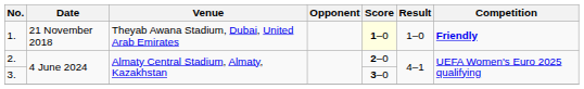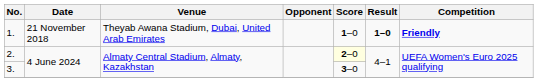 <table class="wikitable">
 <tr>
 <th>No.</th>
 <th>Date</th>
 <th>Venue</th>
 <th>Opponent</th>
 <th>Score</th>
 <th>Result</th>
 <th>Competition</th>
 </tr>
 <tr>
 <td>1.</td>
 <td>21 November 2018</td>
 <td>Theyab Awana Stadium, <a href='#'>Dubai</a>, <a href='#'>United Arab Emirates</a></td>
 <td></td>
-<td align=center style="background: lightyellow;"><strong>1</strong>–0</td>
-<td align=center>1–0</td>
+<td align=center><strong>1</strong>–0</td>
+<td align=center><strong>1–0</strong></td>
 <td><strong><a href='#'>Friendly</a></strong></td>
 </tr>
 <tr>
 <td>2.</td>
 <td rowspan=2>4 June 2024</td>
 <td rowspan=2><a href='#'>Almaty Central Stadium</a>, <a href='#'>Almaty</a>, <a href='#'>Kazakhstan</a></td>
 <td rowspan=2></td>
-<td align=center><strong>2</strong>–0</td>
+<td align=center style="background: lightyellow;"><strong>2</strong>–0</td>
 <td rowspan=2 align=center>4–1</td>
 <td rowspan=2><a href='#'>UEFA Women's Euro 2025 qualifying</a></td>
 </tr>
 <tr>
 <td>3.</td>
 <td align=center><strong>3</strong>–0</td>
 </tr>
 <tr>
 </tr>
 </table>
